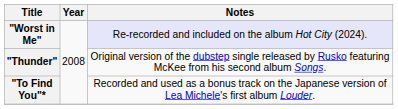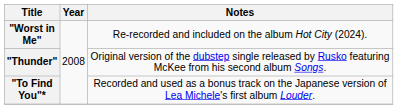 <table class="wikitable plainrowheaders" style="text-align:center;">
 <tr>
 <th scope="col">Title</th>
 <th scope="col">Year</th>
 <th scope="col" style="width:30em;">Notes</th>
 </tr>
 <tr>
 <th scope="row">"Worst in Me"</th>
 <td rowspan="3">2008</td>
-<td style="background: lavender;">Re-recorded and included on the album <em>Hot City</em> (2024).</td>
+<td>Re-recorded and included on the album <em>Hot City</em> (2024).</td>
 </tr>
 <tr>
 <th scope="row">"Thunder"</th>
 <td>Original version of the <a href='#'>dubstep</a> single released by <a href='#'>Rusko</a> featuring McKee from his second album <em><a href='#'>Songs</a></em>.</td>
 </tr>
 <tr>
 <th scope="row">"To Find You"*</th>
 <td>Recorded and used as a bonus track on the Japanese version of <a href='#'>Lea Michele</a>'s first album <em><a href='#'>Louder</a></em>.</td>
 </tr>
 <tr>
 </tr>
 </table>
